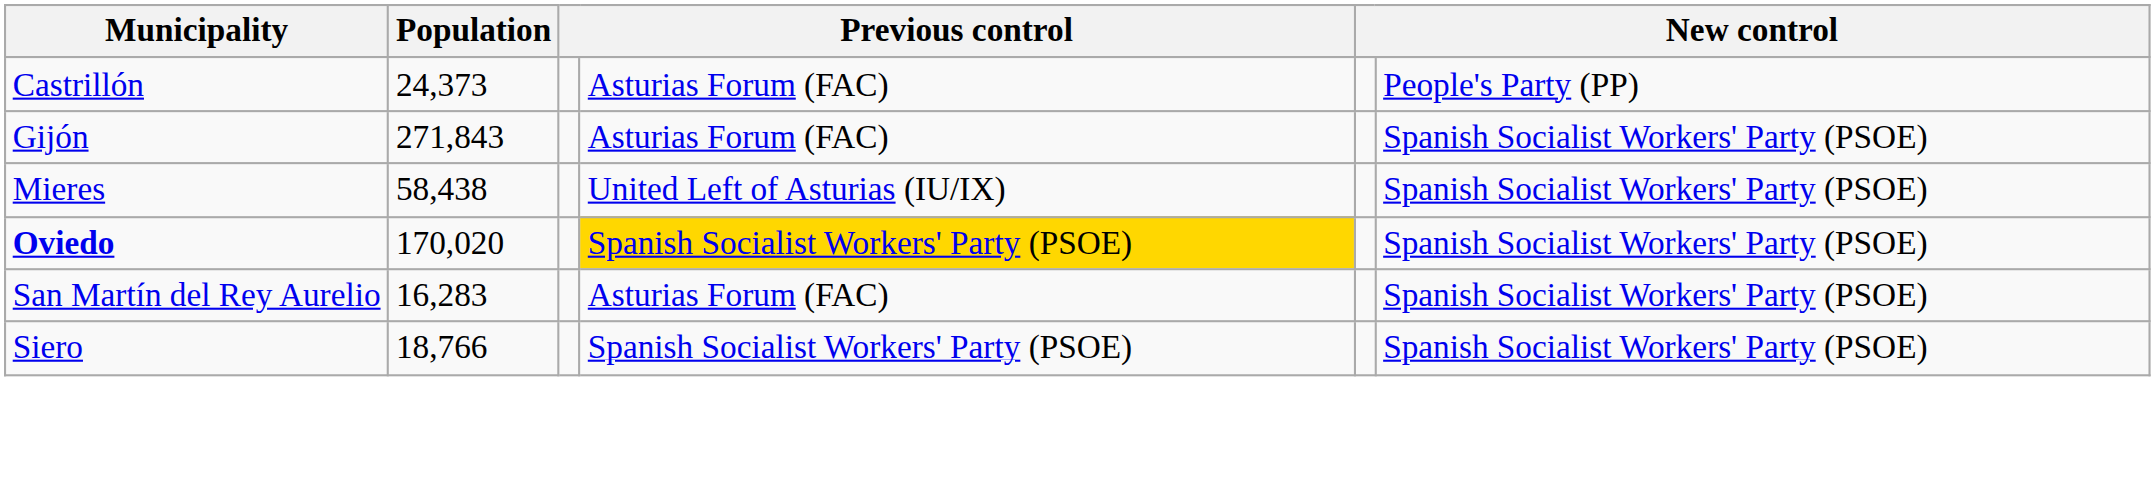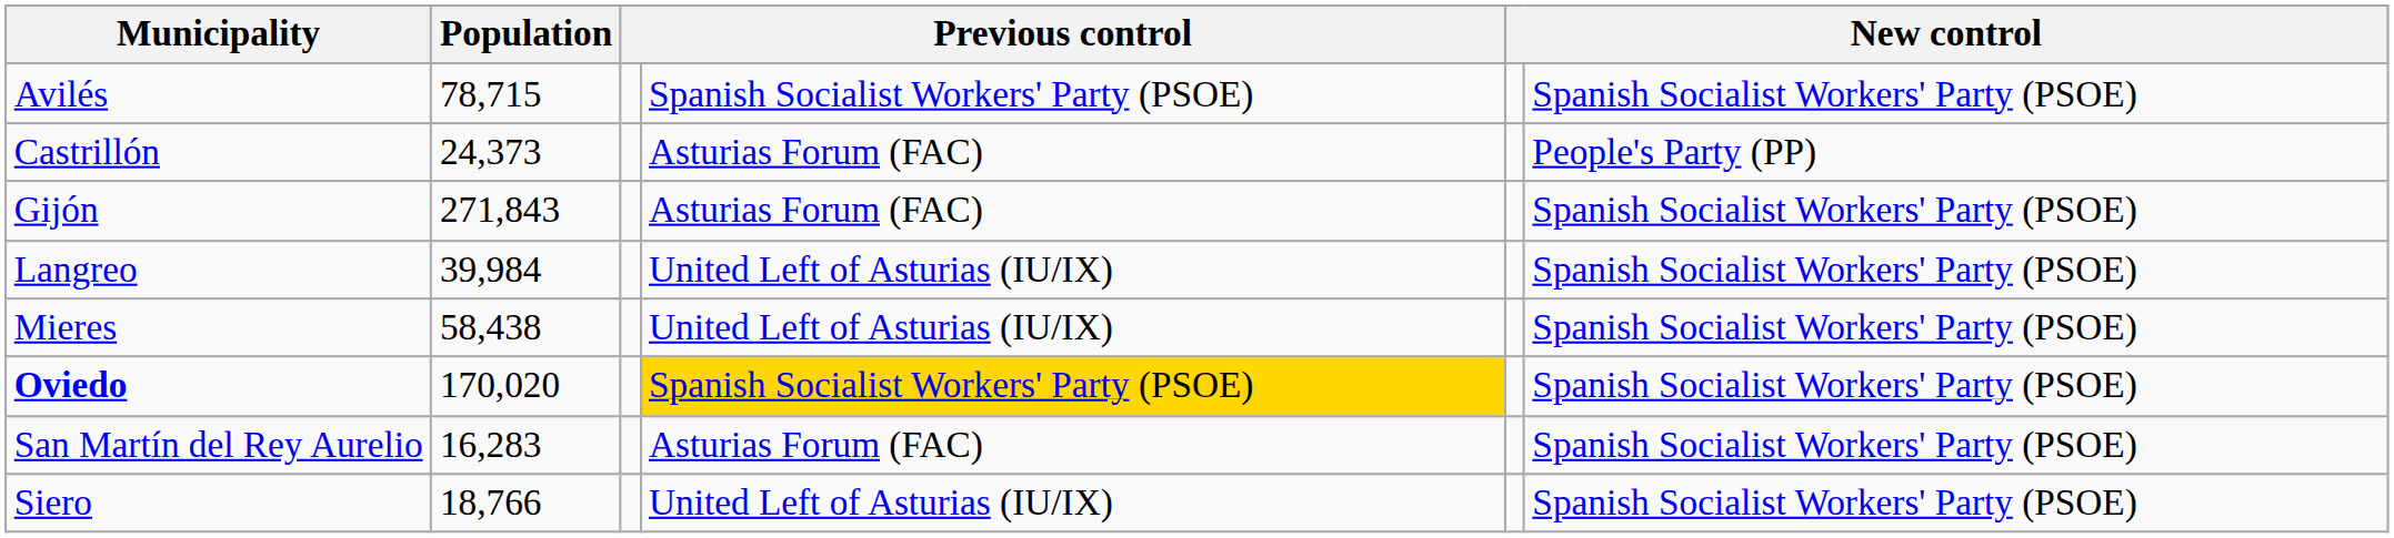 <table class="wikitable sortable">
 <tr>
 <th>Municipality</th>
 <th>Population</th>
 <th colspan="2" style="width:375px;">Previous control</th>
 <th colspan="2" style="width:375px;">New control</th>
+</tr>
+<tr>
+<td><a href='#'>Avilés</a></td>
+<td>78,715</td>
+<td width="1" style="color:inherit;background:"></td>
+<td><a href='#'>Spanish Socialist Workers' Party</a> (PSOE)</td>
+<td width="1" style="color:inherit;background:"></td>
+<td><a href='#'>Spanish Socialist Workers' Party</a> (PSOE)</td>
 </tr>
 <tr>
 <td><a href='#'>Castrillón</a></td>
 <td>24,373</td>
 <td style="color:inherit;background:"></td>
 <td><a href='#'>Asturias Forum</a> (FAC)</td>
 <td style="color:inherit;background:"></td>
 <td><a href='#'>People's Party</a> (PP)</td>
 </tr>
 <tr>
 <td><a href='#'>Gijón</a></td>
 <td>271,843</td>
 <td style="color:inherit;background:"></td>
 <td><a href='#'>Asturias Forum</a> (FAC)</td>
+<td style="color:inherit;background:"></td>
+<td><a href='#'>Spanish Socialist Workers' Party</a> (PSOE)</td>
+</tr>
+<tr>
+<td><a href='#'>Langreo</a></td>
+<td>39,984</td>
+<td style="color:inherit;background:"></td>
+<td><a href='#'>United Left of Asturias</a> (IU/IX)</td>
 <td style="color:inherit;background:"></td>
 <td><a href='#'>Spanish Socialist Workers' Party</a> (PSOE)</td>
 </tr>
 <tr>
 <td><a href='#'>Mieres</a></td>
 <td>58,438</td>
 <td style="color:inherit;background:"></td>
 <td><a href='#'>United Left of Asturias</a> (IU/IX)</td>
 <td style="color:inherit;background:"></td>
 <td><a href='#'>Spanish Socialist Workers' Party</a> (PSOE)</td>
 </tr>
 <tr>
 <td><strong><a href='#'>Oviedo</a></strong></td>
 <td>170,020</td>
 <td style="color:inherit;background:"></td>
 <td style="background: gold;"><a href='#'>Spanish Socialist Workers' Party</a> (PSOE)</td>
 <td style="color:inherit;background:"></td>
 <td><a href='#'>Spanish Socialist Workers' Party</a> (PSOE)</td>
 </tr>
 <tr>
 <td><a href='#'>San Martín del Rey Aurelio</a></td>
 <td>16,283</td>
 <td style="color:inherit;background:"></td>
 <td><a href='#'>Asturias Forum</a> (FAC)</td>
 <td style="color:inherit;background:"></td>
 <td><a href='#'>Spanish Socialist Workers' Party</a> (PSOE)</td>
 </tr>
 <tr>
 <td><a href='#'>Siero</a></td>
 <td>18,766</td>
 <td style="color:inherit;background:"></td>
-<td><a href='#'>Spanish Socialist Workers' Party</a> (PSOE)</td>
+<td><a href='#'>United Left of Asturias</a> (IU/IX)</td>
 <td style="color:inherit;background:"></td>
 <td><a href='#'>Spanish Socialist Workers' Party</a> (PSOE)</td>
 </tr>
 </table>
